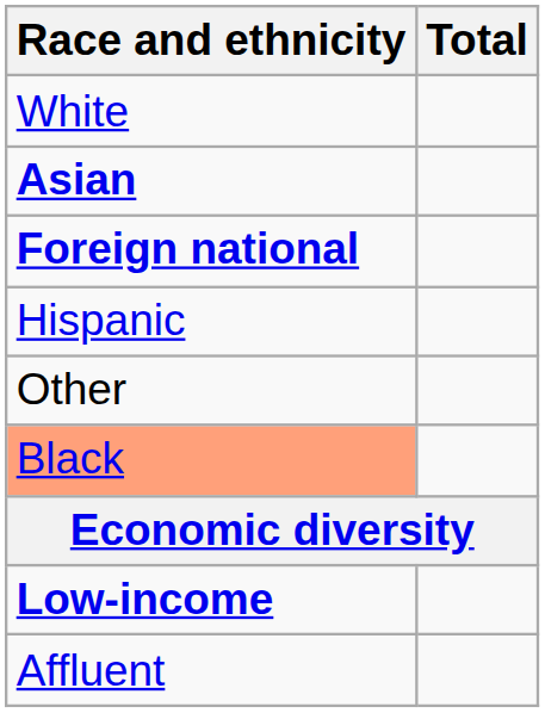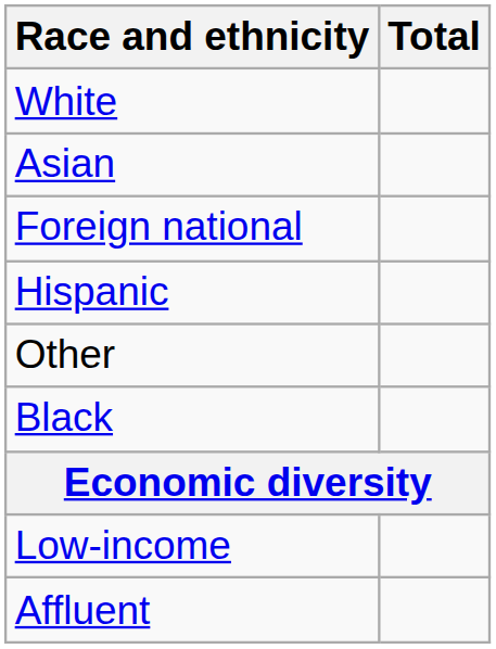 <table class="wikitable floatright sortable collapsible"; text-align:right; font-size:80%;">
 <tr>
 <th>Race and ethnicity</th>
 <th colspan="2" data-sort-type=number>Total</th>
 </tr>
 <tr>
 <td><a href='#'>White</a></td>
 <td align=right></td>
 </tr>
 <tr>
-<td><strong><a href='#'>Asian</a></strong></td>
+<td><a href='#'>Asian</a></td>
 <td align=right></td>
 </tr>
 <tr>
-<td><strong><a href='#'>Foreign national</a></strong></td>
+<td><a href='#'>Foreign national</a></td>
 <td align=right></td>
 </tr>
 <tr>
 <td><a href='#'>Hispanic</a></td>
 <td align=right></td>
 </tr>
 <tr>
 <td>Other</td>
 <td align=right></td>
 </tr>
 <tr>
-<td style="background: lightsalmon;"><a href='#'>Black</a></td>
+<td><a href='#'>Black</a></td>
 <td align=right></td>
 </tr>
 <tr>
 <th colspan="4" data-sort-type=number><a href='#'>Economic diversity</a></th>
 </tr>
 <tr>
-<td><strong><a href='#'>Low-income</a></strong></td>
+<td><a href='#'>Low-income</a></td>
 <td align=right></td>
 </tr>
 <tr>
 <td><a href='#'>Affluent</a></td>
 <td align=right></td>
 </tr>
 </table>
